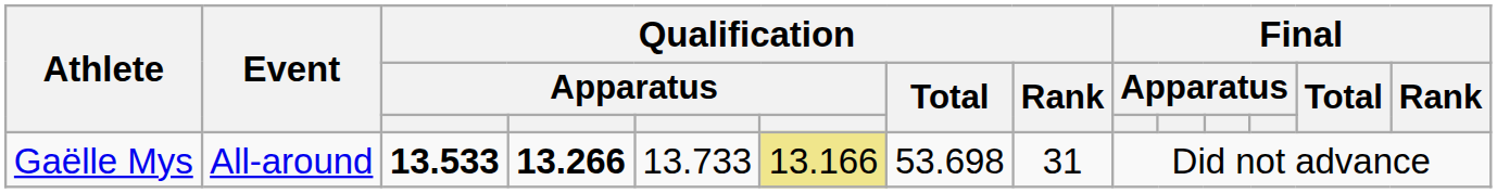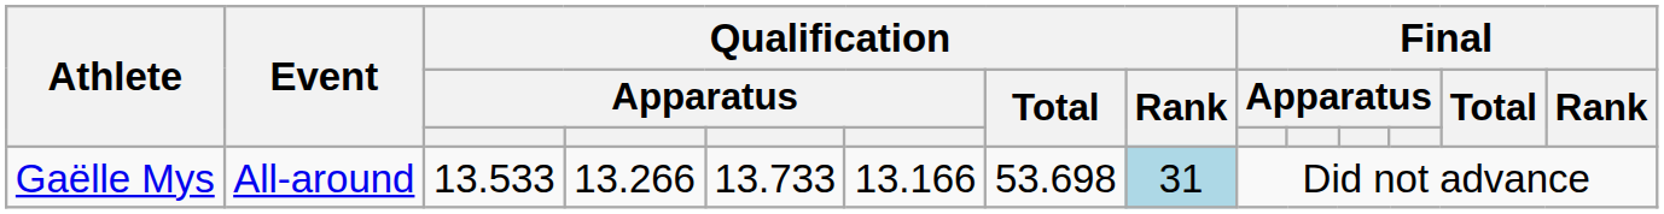 <table class="wikitable" style="font-size:90%">
 <tr>
 <th rowspan=3>Athlete</th>
 <th rowspan=3>Event</th>
 <th colspan =6>Qualification</th>
 <th colspan =6>Final</th>
 </tr>
 <tr style="font-size:95%">
 <th colspan=4>Apparatus</th>
 <th rowspan=2>Total</th>
 <th rowspan=2>Rank</th>
 <th colspan=4>Apparatus</th>
 <th rowspan=2>Total</th>
 <th rowspan=2>Rank</th>
 </tr>
 <tr style="font-size:95%">
 <th></th>
 <th></th>
 <th></th>
 <th></th>
 <th></th>
 <th></th>
 <th></th>
 <th></th>
 </tr>
 <tr align=center>
 <td align=left><a href='#'>Gaëlle Mys</a></td>
 <td align=left><a href='#'>All-around</a></td>
-<td><strong>13.533</strong></td>
-<td><strong>13.266</strong></td>
+<td>13.533</td>
+<td>13.266</td>
 <td>13.733</td>
-<td style="background: khaki;">13.166</td>
+<td>13.166</td>
 <td>53.698</td>
-<td>31</td>
+<td style="background: lightblue;">31</td>
 <td colspan=6>Did not advance</td>
 </tr>
 </table>
